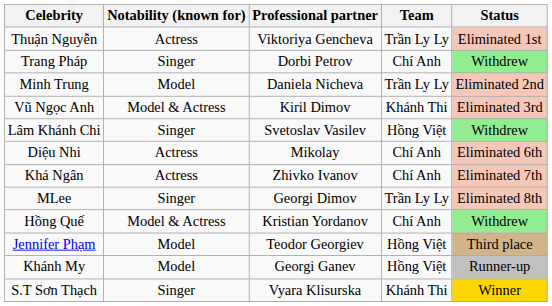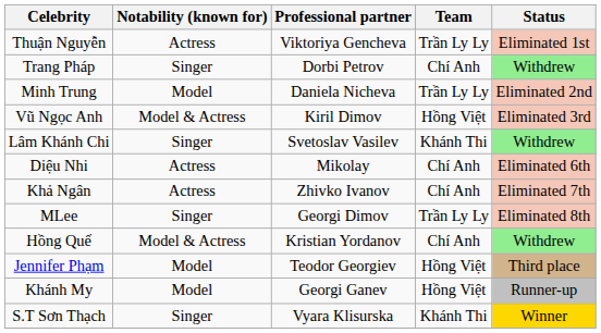 <table class= "wikitable sortable" style="text-align: center; margin:auto; align: center">
 <tr>
 <th>Celebrity</th>
 <th>Notability (known for)</th>
 <th>Professional partner</th>
 <th>Team</th>
 <th>Status</th>
 </tr>
 <tr>
 <td>Thuận Nguyễn</td>
 <td>Actress</td>
 <td>Viktoriya Gencheva</td>
 <td>Trần Ly Ly</td>
 <td style="background:#f4c7b8;">Eliminated 1st<br></td>
 </tr>
 <tr>
 <td>Trang Pháp</td>
 <td>Singer</td>
 <td>Dorbi Petrov</td>
 <td>Chí Anh</td>
 <td style="background:lightgreen;">Withdrew<br></td>
 </tr>
 <tr>
 <td>Minh Trung</td>
 <td>Model</td>
 <td>Daniela Nicheva</td>
 <td>Trần Ly Ly</td>
 <td style="background:#f4c7b8;">Eliminated 2nd<br></td>
 </tr>
 <tr>
 <td>Vũ Ngọc Anh</td>
 <td>Model & Actress</td>
 <td>Kiril Dimov</td>
-<td>Khánh Thi</td>
+<td>Hồng Việt</td>
 <td style="background:#f4c7b8;">Eliminated 3rd<br></td>
 </tr>
 <tr>
 <td>Lâm Khánh Chi</td>
 <td>Singer</td>
 <td>Svetoslav Vasilev</td>
-<td>Hồng Việt</td>
+<td>Khánh Thi</td>
 <td style="background:lightgreen;">Withdrew<br></td>
 </tr>
 <tr>
 <td>Diệu Nhi</td>
 <td>Actress</td>
 <td>Mikolay</td>
 <td>Chí Anh</td>
 <td style="background:#f4c7b8;">Eliminated 6th<br></td>
 </tr>
 <tr>
 <td>Khả Ngân</td>
 <td>Actress</td>
 <td>Zhivko Ivanov</td>
 <td>Chí Anh</td>
 <td style="background:#f4c7b8;">Eliminated 7th<br></td>
 </tr>
 <tr>
 <td>MLee</td>
 <td>Singer</td>
 <td>Georgi Dimov</td>
 <td>Trần Ly Ly</td>
 <td style="background:#f4c7b8;">Eliminated 8th<br></td>
 </tr>
 <tr>
 <td>Hồng Quế</td>
 <td>Model & Actress</td>
 <td>Kristian Yordanov</td>
 <td>Chí Anh</td>
 <td style="background:lightgreen;">Withdrew<br></td>
 </tr>
 <tr>
 <td><a href='#'>Jennifer Phạm</a></td>
 <td>Model</td>
 <td>Teodor Georgiev</td>
 <td>Hồng Việt</td>
 <td style="background:tan;">Third place<br></td>
 </tr>
 <tr>
 <td>Khánh My</td>
 <td>Model</td>
 <td>Georgi Ganev</td>
 <td>Hồng Việt</td>
 <td style="background:silver;">Runner-up<br></td>
 </tr>
 <tr>
 <td>S.T Sơn Thạch</td>
 <td>Singer</td>
 <td>Vyara Klisurska</td>
 <td>Khánh Thi</td>
 <td style="background:gold;">Winner<br></td>
 </tr>
 <tr>
 </tr>
 </table>
